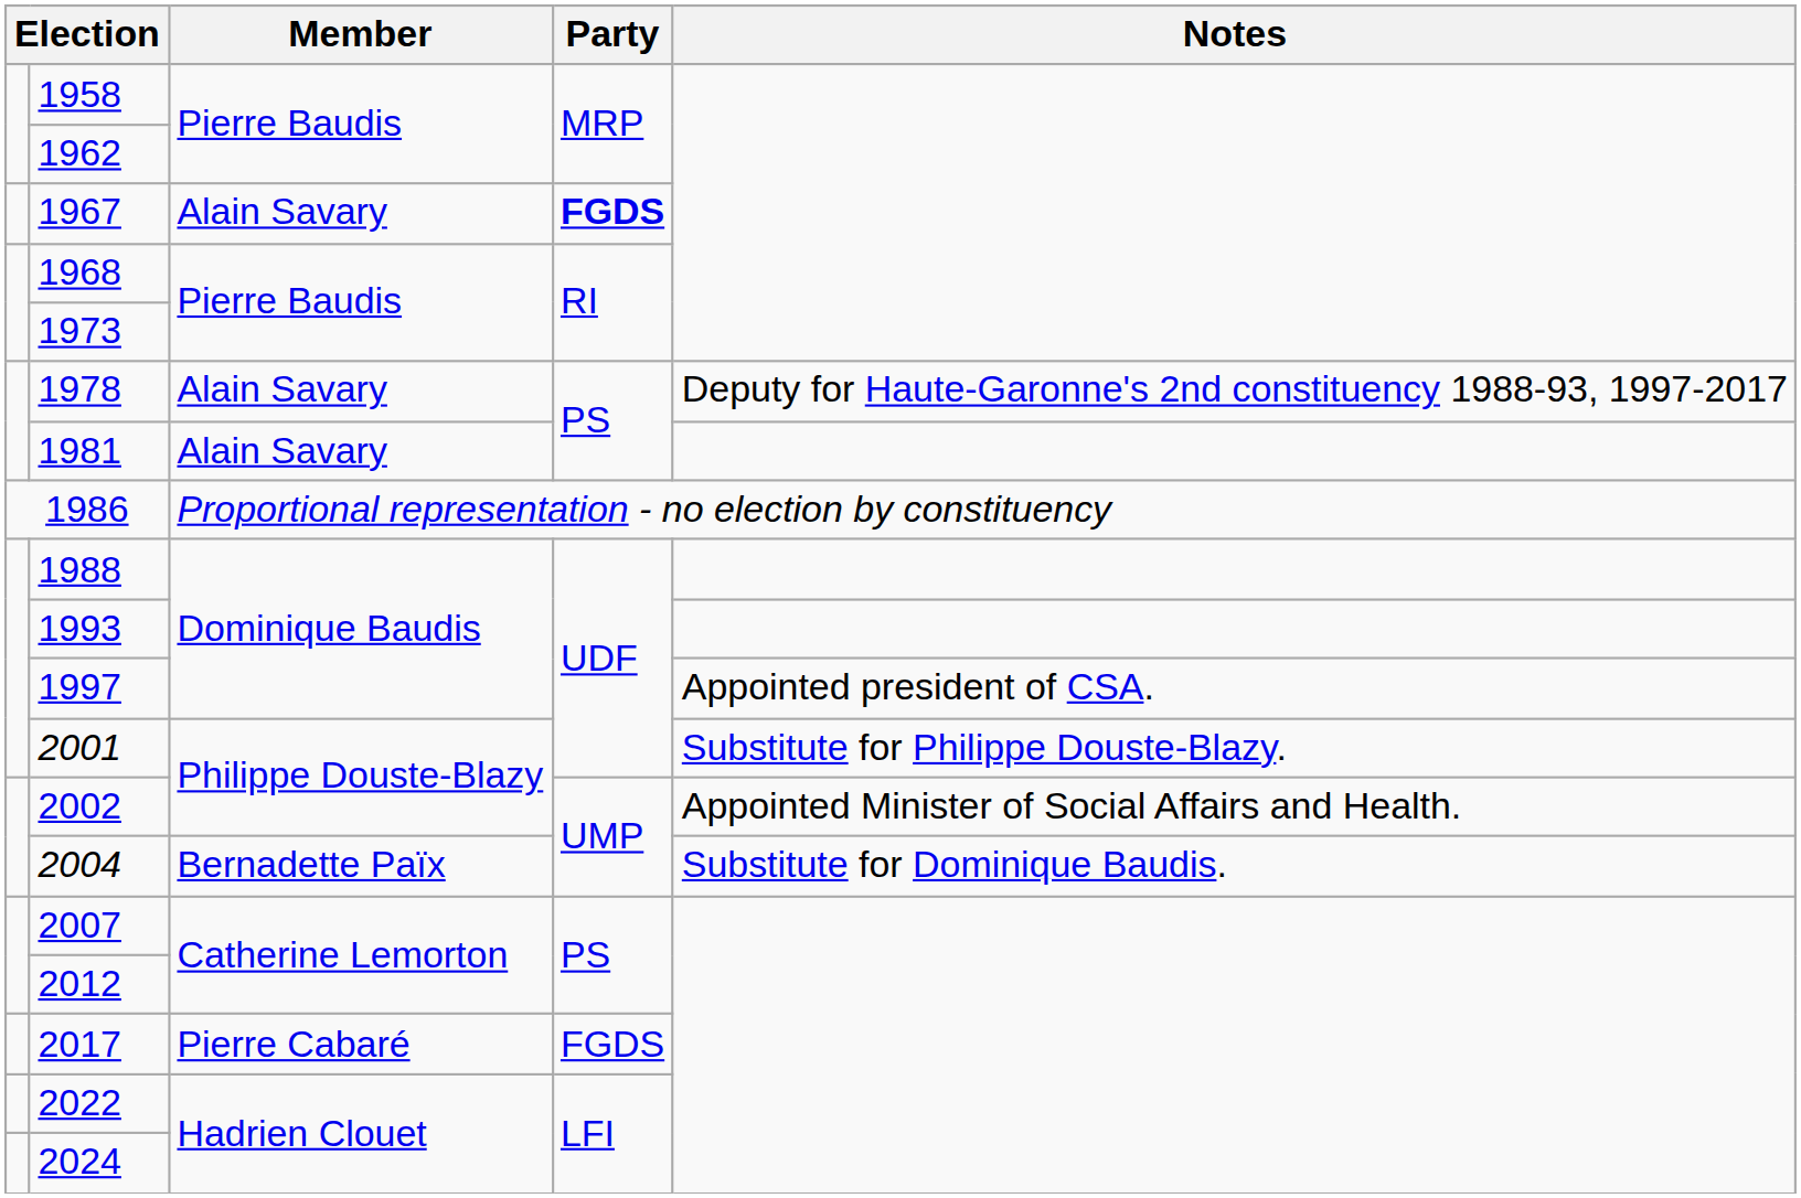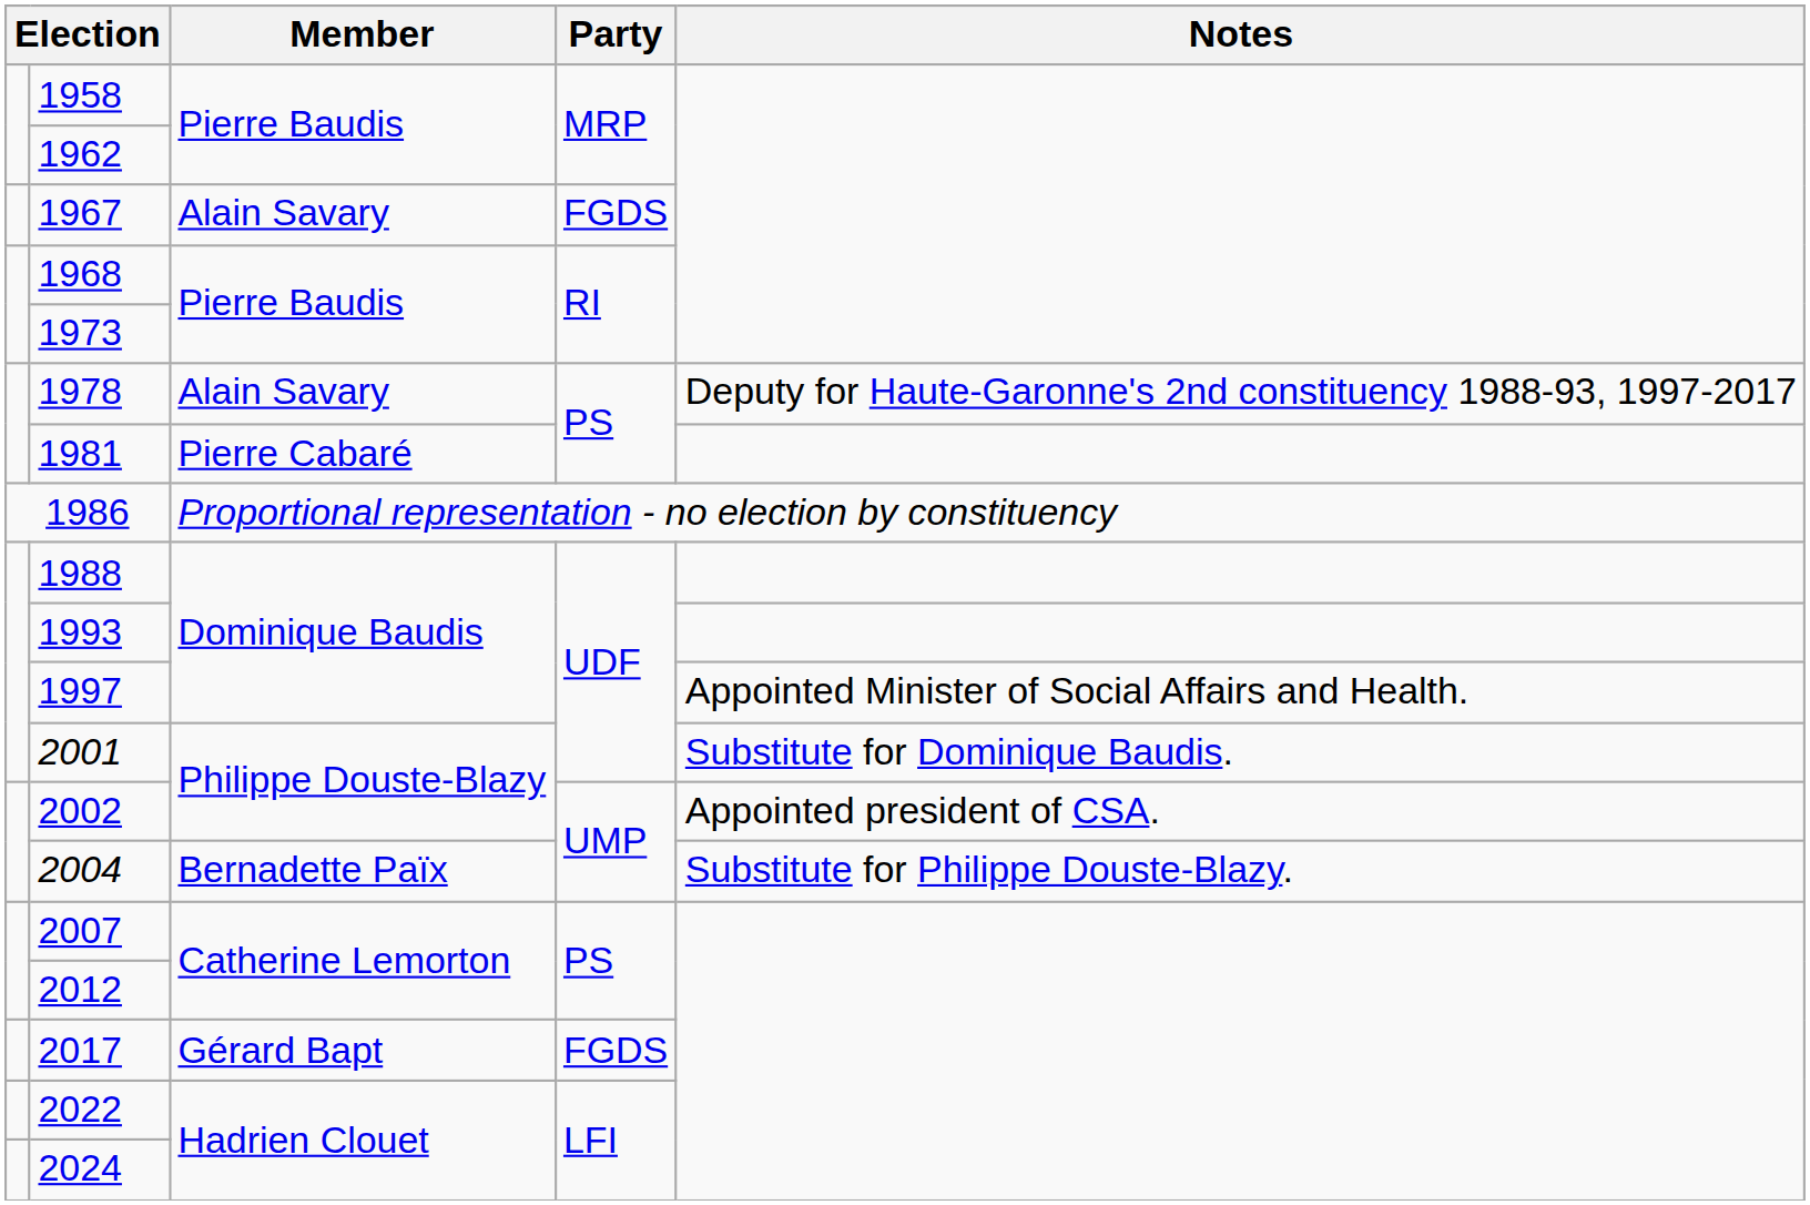 <table class="wikitable">
 <tr>
 <th colspan="2">Election</th>
 <th>Member</th>
 <th>Party</th>
 <th>Notes</th>
 </tr>
 <tr>
 <td rowspan="2" style="color:inherit;background-color: "></td>
 <td><a href='#'>1958</a></td>
 <td rowspan="2"><a href='#'>Pierre Baudis</a></td>
 <td rowspan="2"><a href='#'>MRP</a></td>
 </tr>
 <tr>
 <td><a href='#'>1962</a></td>
 </tr>
 <tr>
 <td style="color:inherit;background-color: "></td>
 <td><a href='#'>1967</a></td>
 <td><a href='#'>Alain Savary</a></td>
-<td><strong><a href='#'>FGDS</a></strong></td>
+<td><a href='#'>FGDS</a></td>
 </tr>
 <tr>
 <td rowspan="2" style="color:inherit;background-color: "></td>
 <td><a href='#'>1968</a></td>
 <td rowspan="2"><a href='#'>Pierre Baudis</a></td>
 <td rowspan="2"><a href='#'>RI</a></td>
 </tr>
 <tr>
 <td><a href='#'>1973</a></td>
 </tr>
 <tr>
 <td rowspan="2" style="color:inherit;background-color: "></td>
 <td><a href='#'>1978</a></td>
 <td><a href='#'>Alain Savary</a></td>
 <td rowspan="2"><a href='#'>PS</a></td>
 <td>Deputy for <a href='#'>Haute-Garonne's 2nd constituency</a> 1988-93, 1997-2017</td>
 </tr>
 <tr>
 <td><a href='#'>1981</a></td>
-<td><a href='#'>Alain Savary</a></td>
+<td><a href='#'>Pierre Cabaré</a></td>
 </tr>
 <tr>
 <td colspan="2" align="center"><a href='#'>1986</a></td>
 <td colspan="3"><em><a href='#'>Proportional representation</a> - no election by constituency</em></td>
 </tr>
 <tr>
 <td rowspan="4" style="color:inherit;background-color: "></td>
 <td><a href='#'>1988</a></td>
 <td rowspan="3"><a href='#'>Dominique Baudis</a></td>
 <td rowspan="4"><a href='#'>UDF</a></td>
 <td></td>
 </tr>
 <tr>
 <td><a href='#'>1993</a></td>
 </tr>
 <tr>
 <td><a href='#'>1997</a></td>
-<td>Appointed president of <a href='#'>CSA</a>.</td>
+<td>Appointed Minister of Social Affairs and Health.</td>
 </tr>
 <tr>
 <td><em>2001</em></td>
 <td rowspan="2"><a href='#'>Philippe Douste-Blazy</a></td>
-<td><a href='#'>Substitute</a> for <a href='#'>Philippe Douste-Blazy</a>.</td>
+<td><a href='#'>Substitute</a> for <a href='#'>Dominique Baudis</a>.</td>
 </tr>
 <tr>
 <td rowspan="2" style="color:inherit;background-color: "></td>
 <td><a href='#'>2002</a></td>
 <td rowspan="2"><a href='#'>UMP</a></td>
-<td>Appointed Minister of Social Affairs and Health.</td>
+<td>Appointed president of <a href='#'>CSA</a>.</td>
 </tr>
 <tr>
 <td><em>2004</em></td>
 <td><a href='#'>Bernadette Païx</a></td>
-<td><a href='#'>Substitute</a> for <a href='#'>Dominique Baudis</a>.</td>
+<td><a href='#'>Substitute</a> for <a href='#'>Philippe Douste-Blazy</a>.</td>
 </tr>
 <tr>
 <td rowspan="2" style="color:inherit;background-color: "></td>
 <td><a href='#'>2007</a></td>
 <td rowspan="2"><a href='#'>Catherine Lemorton</a></td>
 <td rowspan="2"><a href='#'>PS</a></td>
 </tr>
 <tr>
 <td><a href='#'>2012</a></td>
 </tr>
 <tr>
 <td style="color:inherit;background-color: "></td>
 <td><a href='#'>2017</a></td>
-<td><a href='#'>Pierre Cabaré</a></td>
+<td><a href='#'>Gérard Bapt</a></td>
 <td><a href='#'>FGDS</a></td>
 </tr>
 <tr>
 <td style="color:inherit;background-color: "></td>
 <td><a href='#'>2022</a></td>
 <td rowspan="2"><a href='#'>Hadrien Clouet</a></td>
 <td rowspan="2"><a href='#'>LFI</a></td>
 </tr>
 <tr>
 <td style="color:inherit;background-color: "></td>
 <td><a href='#'>2024</a></td>
 </tr>
 </table>
